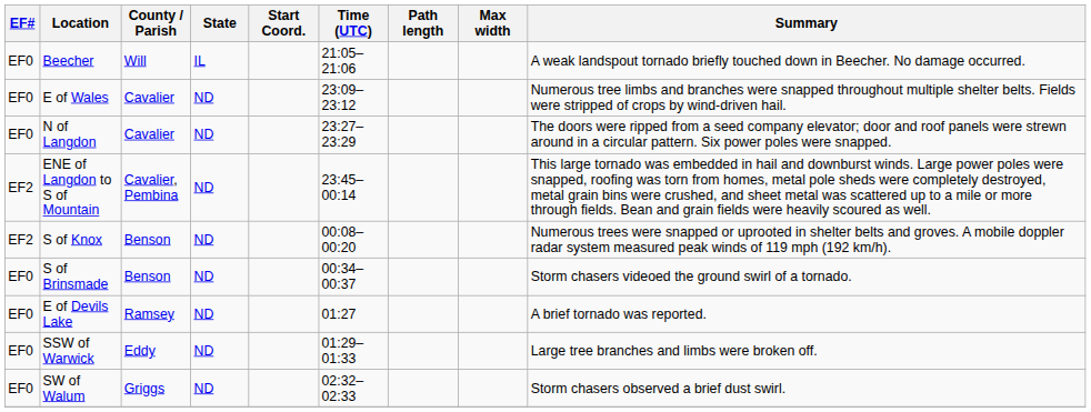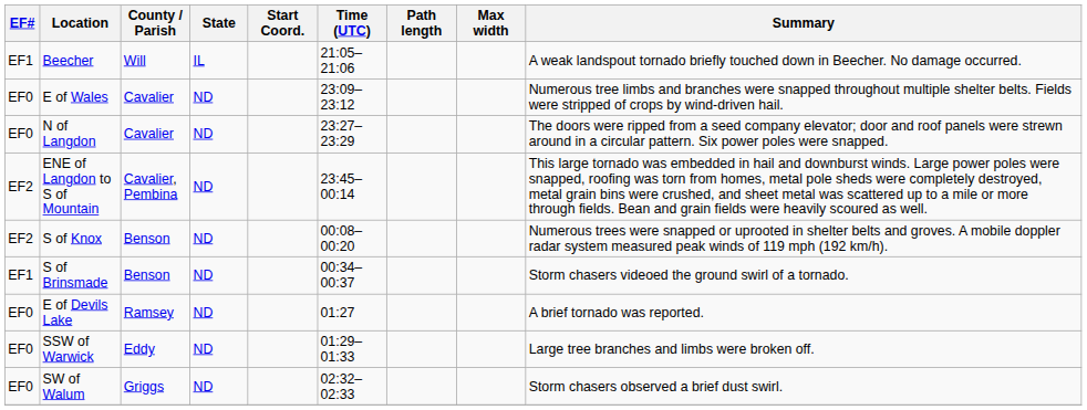 <table class="wikitable sortable" style="width:100%;">
 <tr>
 <th scope="col"  style="width:3%; text-align:center;"><a href='#'>EF#</a></th>
 <th scope="col"  style="width:7%; text-align:center;" class="unsortable">Location</th>
 <th scope="col"  style="width:6%; text-align:center;" class="unsortable">County / Parish</th>
 <th scope="col"  style="width:5%; text-align:center;">State</th>
 <th scope="col"  style="width:6%; text-align:center;">Start Coord.</th>
 <th scope="col"  style="width:6%; text-align:center;">Time (<a href='#'>UTC</a>)</th>
 <th scope="col"  style="width:6%; text-align:center;">Path length</th>
 <th scope="col"  style="width:6%; text-align:center;">Max width</th>
 <th scope="col" class="unsortable" style="width:48%; text-align:center;">Summary</th>
 </tr>
 <tr>
-<td>EF0</td>
+<td>EF1</td>
 <td><a href='#'>Beecher</a></td>
 <td><a href='#'>Will</a></td>
 <td><a href='#'>IL</a></td>
 <td></td>
 <td>21:05–21:06</td>
 <td></td>
 <td></td>
 <td>A weak landspout tornado briefly touched down in Beecher. No damage occurred.</td>
 </tr>
 <tr>
 <td>EF0</td>
 <td>E of <a href='#'>Wales</a></td>
 <td><a href='#'>Cavalier</a></td>
 <td><a href='#'>ND</a></td>
 <td></td>
 <td>23:09–23:12</td>
 <td></td>
 <td></td>
 <td>Numerous tree limbs and branches were snapped throughout multiple shelter belts. Fields were stripped of crops by wind-driven hail.</td>
 </tr>
 <tr>
 <td>EF0</td>
 <td>N of <a href='#'>Langdon</a></td>
 <td><a href='#'>Cavalier</a></td>
 <td><a href='#'>ND</a></td>
 <td></td>
 <td>23:27–23:29</td>
 <td></td>
 <td></td>
 <td>The doors were ripped from a seed company elevator; door and roof panels were strewn around in a circular pattern. Six power poles were snapped.</td>
 </tr>
 <tr>
 <td>EF2</td>
 <td>ENE of <a href='#'>Langdon</a> to S of <a href='#'>Mountain</a></td>
 <td><a href='#'>Cavalier</a>, <a href='#'>Pembina</a></td>
 <td><a href='#'>ND</a></td>
 <td></td>
 <td>23:45–00:14</td>
 <td></td>
 <td></td>
 <td>This large tornado was embedded in hail and downburst winds. Large power poles were snapped, roofing was torn from homes, metal pole sheds were completely destroyed, metal grain bins were crushed, and sheet metal was scattered up to a mile or more through fields. Bean and grain fields were heavily scoured as well.</td>
 </tr>
 <tr>
 <td>EF2</td>
 <td>S of <a href='#'>Knox</a></td>
 <td><a href='#'>Benson</a></td>
 <td><a href='#'>ND</a></td>
 <td></td>
 <td>00:08–00:20</td>
 <td></td>
 <td></td>
 <td>Numerous trees were snapped or uprooted in shelter belts and groves. A mobile doppler radar system measured peak winds of 119 mph (192 km/h).</td>
 </tr>
 <tr>
-<td>EF0</td>
+<td>EF1</td>
 <td>S of <a href='#'>Brinsmade</a></td>
 <td><a href='#'>Benson</a></td>
 <td><a href='#'>ND</a></td>
 <td></td>
 <td>00:34–00:37</td>
 <td></td>
 <td></td>
 <td>Storm chasers videoed the ground swirl of a tornado.</td>
 </tr>
 <tr>
 <td>EF0</td>
 <td>E of <a href='#'>Devils Lake</a></td>
 <td><a href='#'>Ramsey</a></td>
 <td><a href='#'>ND</a></td>
 <td></td>
 <td>01:27</td>
 <td></td>
 <td></td>
 <td>A brief tornado was reported.</td>
 </tr>
 <tr>
 <td>EF0</td>
 <td>SSW of <a href='#'>Warwick</a></td>
 <td><a href='#'>Eddy</a></td>
 <td><a href='#'>ND</a></td>
 <td></td>
 <td>01:29–01:33</td>
 <td></td>
 <td></td>
 <td>Large tree branches and limbs were broken off.</td>
 </tr>
 <tr>
 <td>EF0</td>
 <td>SW of <a href='#'>Walum</a></td>
 <td><a href='#'>Griggs</a></td>
 <td><a href='#'>ND</a></td>
 <td></td>
 <td>02:32–02:33</td>
 <td></td>
 <td></td>
 <td>Storm chasers observed a brief dust swirl.</td>
 </tr>
 <tr>
 </tr>
 </table>
